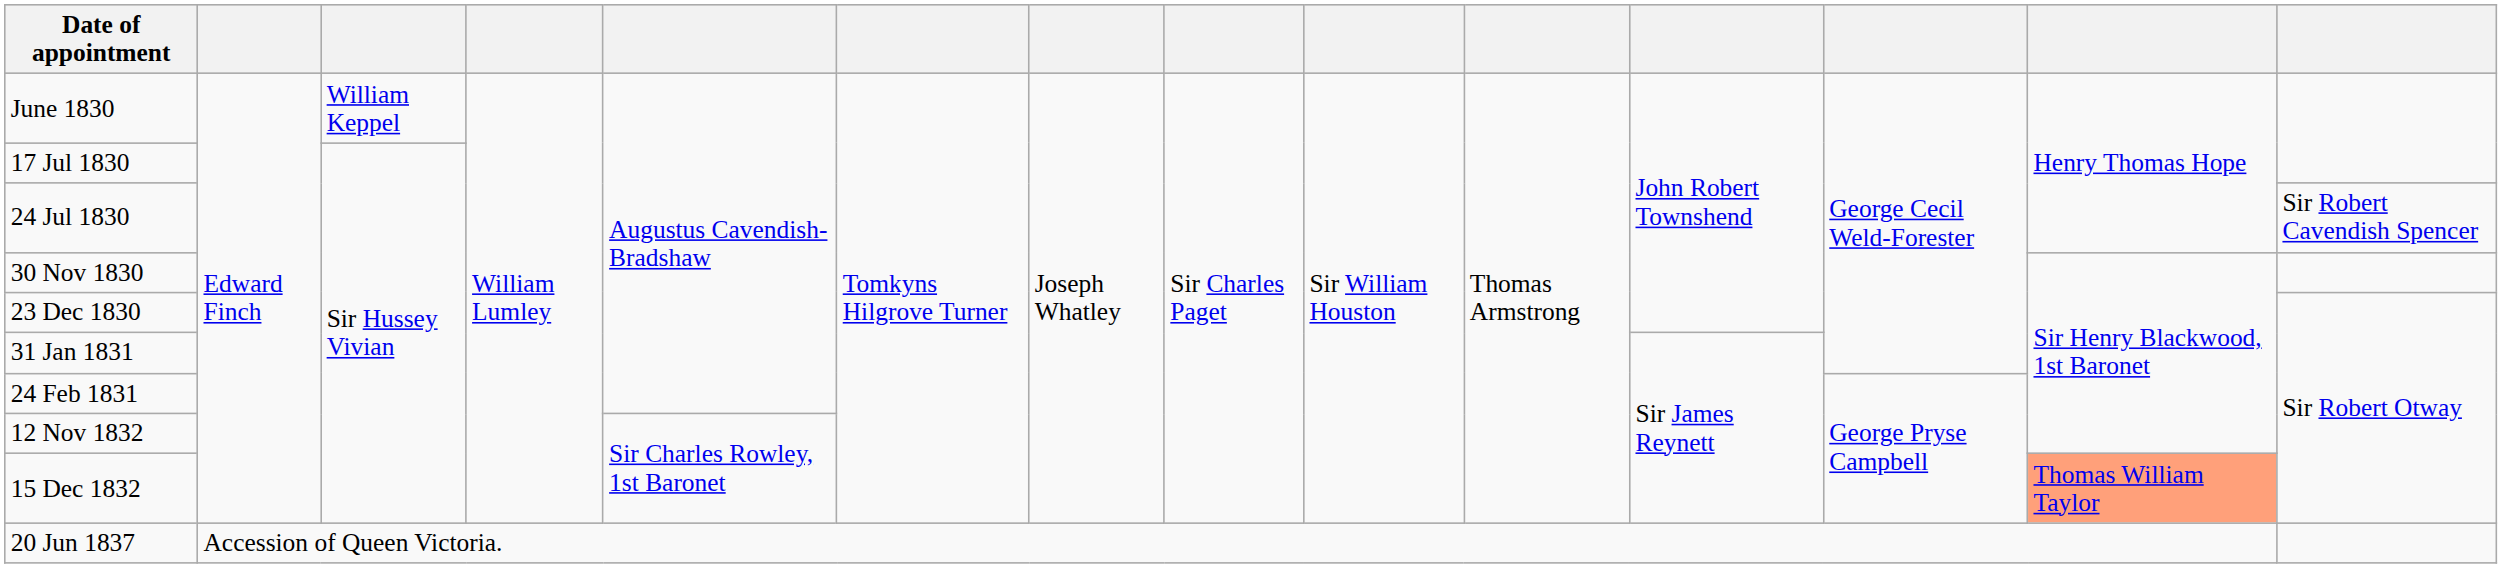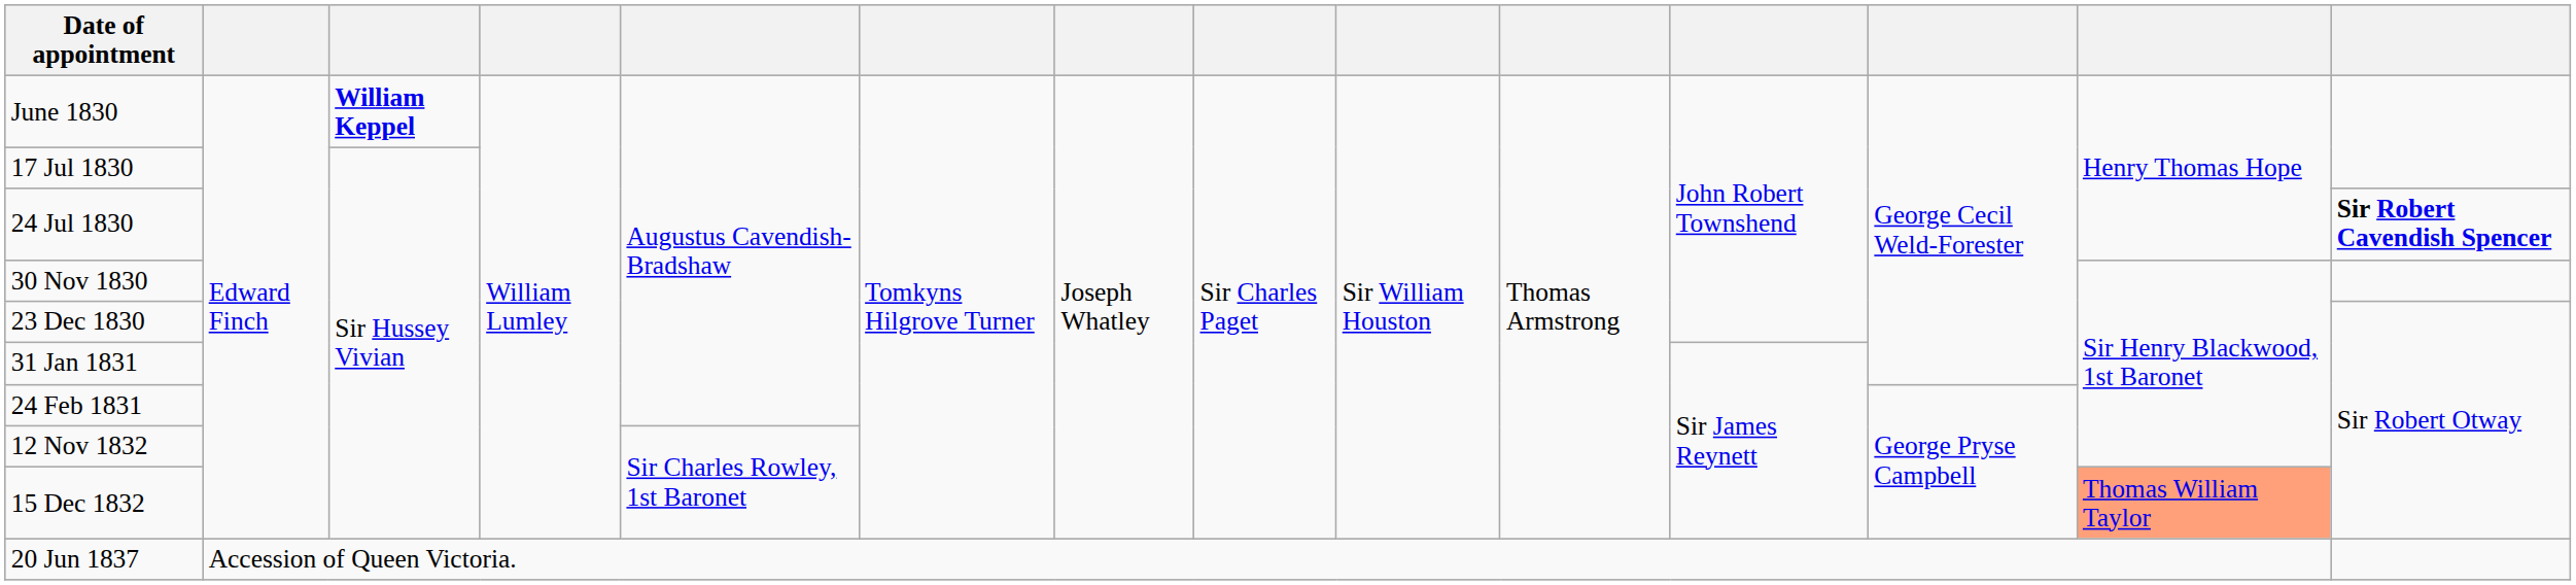 <table class="wikitable">
 <tr>
 <th>Date of appointment</th>
 <th></th>
 <th></th>
 <th></th>
 <th></th>
 <th></th>
 <th></th>
 <th></th>
 <th></th>
 <th></th>
 <th></th>
 <th></th>
 <th></th>
 <th></th>
 </tr>
 <tr>
 <td>June 1830</td>
 <td rowspan=9><a href='#'>Edward Finch</a></td>
-<td><a href='#'>William Keppel</a></td>
+<td><strong><a href='#'>William Keppel</a></strong></td>
 <td rowspan=9><a href='#'>William Lumley</a></td>
 <td rowspan=7><a href='#'>Augustus Cavendish-Bradshaw</a></td>
 <td rowspan=9><a href='#'>Tomkyns Hilgrove Turner</a></td>
 <td rowspan=9>Joseph Whatley</td>
 <td rowspan=9>Sir <a href='#'>Charles Paget</a></td>
 <td rowspan=9>Sir <a href='#'>William Houston</a></td>
 <td rowspan=9>Thomas Armstrong</td>
 <td rowspan=5><a href='#'>John Robert Townshend</a></td>
 <td rowspan=6><a href='#'>George Cecil Weld-Forester</a></td>
 <td rowspan=3><a href='#'>Henry Thomas Hope</a></td>
 </tr>
 <tr>
 <td>17 Jul 1830</td>
 <td rowspan=8>Sir <a href='#'>Hussey Vivian</a></td>
 </tr>
 <tr>
 <td>24 Jul 1830</td>
-<td>Sir <a href='#'>Robert Cavendish Spencer</a></td>
+<td><strong>Sir <a href='#'>Robert Cavendish Spencer</a></strong></td>
 </tr>
 <tr>
 <td>30 Nov 1830</td>
 <td rowspan=5><a href='#'>Sir Henry Blackwood, 1st Baronet</a></td>
 </tr>
 <tr>
 <td>23 Dec 1830</td>
 <td rowspan=5>Sir <a href='#'>Robert Otway</a></td>
 </tr>
 <tr>
 <td>31 Jan 1831</td>
 <td rowspan=4>Sir <a href='#'>James Reynett</a></td>
 </tr>
 <tr>
 <td>24 Feb 1831</td>
 <td rowspan=3><a href='#'>George Pryse Campbell</a></td>
 </tr>
 <tr>
 <td>12 Nov 1832</td>
 <td rowspan=2><a href='#'>Sir Charles Rowley, 1st Baronet</a></td>
 </tr>
 <tr>
 <td>15 Dec 1832</td>
 <td style="background: lightsalmon;"><a href='#'>Thomas William Taylor</a></td>
 </tr>
 <tr>
 <td>20 Jun 1837</td>
 <td colspan= "12">Accession of Queen Victoria.</td>
 </tr>
 </table>
